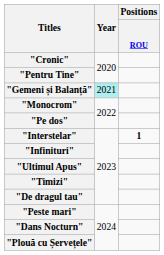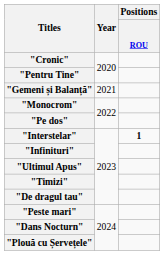 <table class="wikitable plainrowheaders" style="text-align:center;">
 <tr>
 <th rowspan="2" scope="col">Titles</th>
 <th rowspan="2" scope="col">Year</th>
 <th colspan="1" scope="col">Positions</th>
 </tr>
 <tr>
 <th scope="col" style="width:3em; font-size:85%;"><br><br><a href='#'>ROU</a></th>
 </tr>
 <tr>
 <th scope="row">"Cronic"  </th>
 <td rowspan="2">2020</td>
 <td></td>
 </tr>
 <tr>
 <th scope="row">"Pentru Tine" </th>
 <td></td>
 </tr>
 <tr>
 <th scope="row">"Gemeni și Balanță" </th>
-<td rowspan="1" style="background: paleturquoise;">2021</td>
+<td rowspan="1">2021</td>
 <td></td>
 </tr>
 <tr>
 <th scope="row">"Monocrom" </th>
 <td rowspan="2">2022</td>
 <td></td>
 </tr>
 <tr>
 <th scope="row">"Pe dos" </th>
 <td></td>
 </tr>
 <tr>
 <th scope="row">"Interstelar" </th>
 <td rowspan="5">2023</td>
 <td><strong>1</strong></td>
 </tr>
 <tr>
 <th scope="row">"Infinituri"  </th>
 <td></td>
 </tr>
 <tr>
 <th scope="row">"Ultimul Apus" </th>
 <td></td>
 </tr>
 <tr>
 <th scope="row">"Timizi" </th>
 <td></td>
 </tr>
 <tr>
 <th scope="row">"De dragul tau" </th>
 <td></td>
 </tr>
 <tr>
 <th scope="row">"Peste mari" </th>
 <td rowspan="3">2024</td>
 <td></td>
 </tr>
 <tr>
 <th scope="row">"Dans Nocturn" </th>
 <td></td>
 </tr>
 <tr>
 <th scope="row">"Plouă cu Șervețele" </th>
 <td></td>
 </tr>
 </table>
